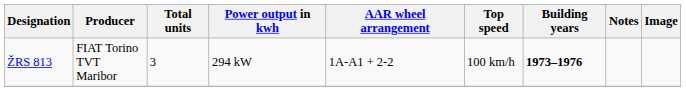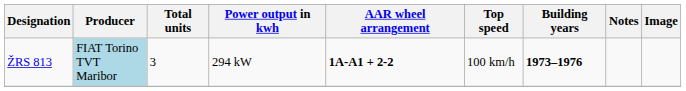 <table class="wikitable sortable">
 <tr>
 <th>Designation</th>
 <th>Producer</th>
 <th>Total units</th>
 <th><a href='#'>Power output</a> in <a href='#'>kwh</a></th>
 <th><a href='#'>AAR wheel arrangement</a></th>
 <th>Top speed</th>
 <th>Building years</th>
 <th class="unsortable">Notes</th>
 <th class="unsortable">Image</th>
 </tr>
 <tr>
 <td><a href='#'>ŽRS 813</a></td>
-<td>FIAT Torino<br>TVT Maribor</td>
+<td style="background: lightblue;">FIAT Torino<br>TVT Maribor</td>
 <td>3</td>
 <td>294 kW</td>
-<td>1A-A1 + 2-2</td>
+<td><strong>1A-A1 + 2-2</strong></td>
 <td>100 km/h</td>
 <td><strong>1973–1976</strong></td>
 <td></td>
 <td></td>
 </tr>
 <tr>
 </tr>
 </table>
